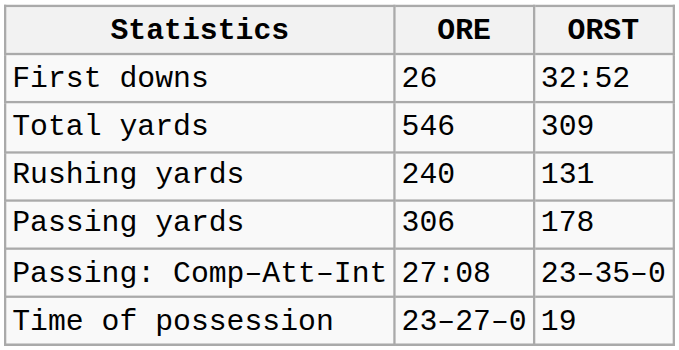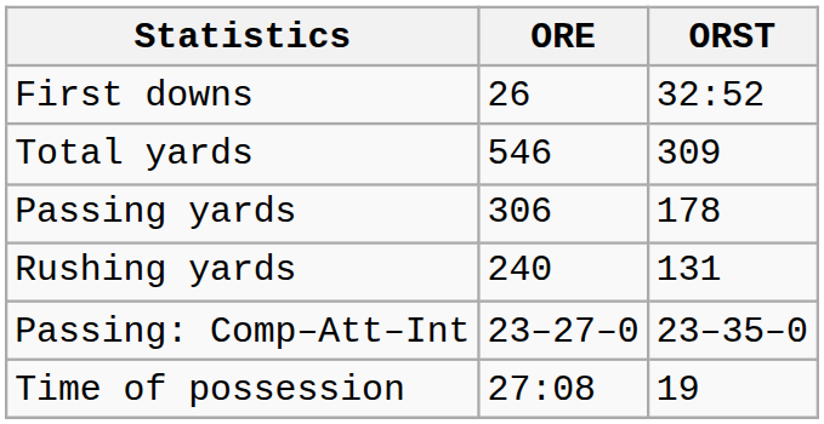 <table class="wikitable" style="float: left;">
 <tr>
 <th>Statistics</th>
 <th>ORE</th>
 <th>ORST</th>
 </tr>
 <tr>
 <td>First downs</td>
 <td>26</td>
 <td>32:52</td>
 </tr>
 <tr>
 <td>Total yards</td>
 <td>546</td>
 <td>309</td>
 </tr>
 <tr>
+<td>Passing yards</td>
+<td>306</td>
+<td>178</td>
+</tr>
+<tr>
 <td>Rushing yards</td>
 <td>240</td>
 <td>131</td>
 </tr>
 <tr>
-<td>Passing yards</td>
-<td>306</td>
-<td>178</td>
-</tr>
-<tr>
 <td>Passing: Comp–Att–Int</td>
-<td>27:08</td>
+<td>23–27–0</td>
 <td>23–35–0</td>
 </tr>
 <tr>
 <td>Time of possession</td>
-<td>23–27–0</td>
+<td>27:08</td>
 <td>19</td>
 </tr>
 <tr>
 </tr>
 </table>
